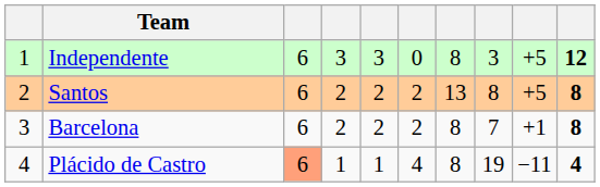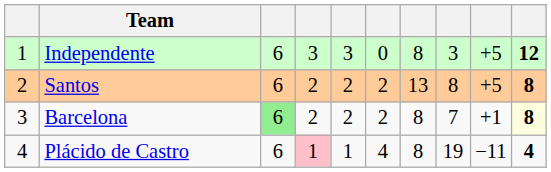 <table class="wikitable" style="text-align: center;">
 <tr>
 <th width=20></th>
 <th width=165>Team</th>
 <th width=20></th>
 <th width=20></th>
 <th width=20></th>
 <th width=20></th>
 <th width=20></th>
 <th width=20></th>
 <th width=20></th>
 <th width=20></th>
 </tr>
 <tr bgcolor=#ccffcc>
 <td>1</td>
 <td align=left> <a href='#'>Independente</a></td>
 <td>6</td>
 <td>3</td>
 <td>3</td>
 <td>0</td>
 <td>8</td>
 <td>3</td>
 <td>+5</td>
 <td><strong>12</strong></td>
 </tr>
 <tr bgcolor=#ffcc99>
 <td>2</td>
 <td align=left> <a href='#'>Santos</a></td>
 <td>6</td>
 <td>2</td>
 <td>2</td>
 <td>2</td>
 <td>13</td>
 <td>8</td>
 <td>+5</td>
 <td><strong>8</strong></td>
 </tr>
 <tr>
 <td>3</td>
 <td align=left> <a href='#'>Barcelona</a></td>
-<td>6</td>
+<td style="background: lightgreen;">6</td>
 <td>2</td>
 <td>2</td>
 <td>2</td>
 <td>8</td>
 <td>7</td>
 <td>+1</td>
-<td><strong>8</strong></td>
+<td style="background: lightyellow;"><strong>8</strong></td>
 </tr>
 <tr>
 <td>4</td>
 <td align=left> <a href='#'>Plácido de Castro</a></td>
-<td style="background: lightsalmon;">6</td>
-<td>1</td>
+<td>6</td>
+<td style="background: pink;">1</td>
 <td>1</td>
 <td>4</td>
 <td>8</td>
 <td>19</td>
 <td>−11</td>
 <td><strong>4</strong></td>
 </tr>
 </table>
